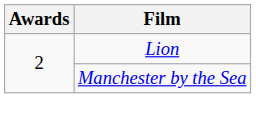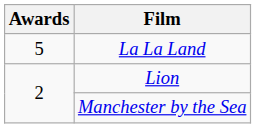 <table class="wikitable" style="text-align:center;">
 <tr>
 <th style="background:">Awards</th>
 <th style="background:">Film</th>
+</tr>
+<tr>
+<td>5</td>
+<td><em><a href='#'>La La Land</a></em></td>
 </tr>
 <tr>
 <td rowspan="2">2</td>
 <td><em><a href='#'>Lion</a></em></td>
 </tr>
 <tr>
 <td><em><a href='#'>Manchester by the Sea</a></em></td>
 </tr>
 </table>
